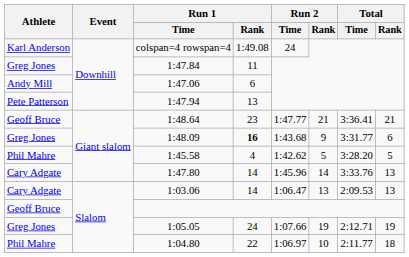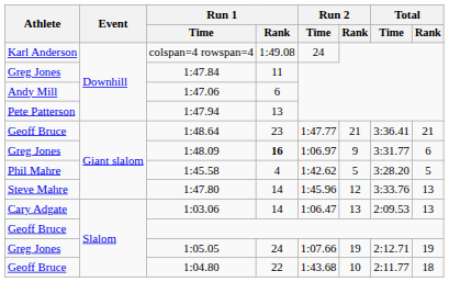 <table class=wikitable style=font-size:90%;text-align:center>
 <tr>
 <th rowspan=2>Athlete</th>
 <th rowspan=2>Event</th>
 <th colspan=2>Run 1</th>
 <th colspan=2>Run 2</th>
 <th colspan=2>Total</th>
 </tr>
 <tr style=font-size:95%>
 <th>Time</th>
 <th>Rank</th>
 <th>Time</th>
 <th>Rank</th>
 <th>Time</th>
 <th>Rank</th>
 </tr>
 <tr>
 <td align=left><a href='#'>Karl Anderson</a></td>
 <td align=left rowspan=4><a href='#'>Downhill</a></td>
 <td>colspan=4 rowspan=4 </td>
 <td>1:49.08</td>
 <td>24</td>
 </tr>
 <tr>
 <td align=left><a href='#'>Greg Jones</a></td>
 <td>1:47.84</td>
 <td>11</td>
 </tr>
 <tr>
 <td align=left><a href='#'>Andy Mill</a></td>
 <td>1:47.06</td>
 <td>6</td>
 </tr>
 <tr>
 <td align=left><a href='#'>Pete Patterson</a></td>
 <td>1:47.94</td>
 <td>13</td>
 </tr>
 <tr>
 <td align=left><a href='#'>Geoff Bruce</a></td>
 <td align=left rowspan=4><a href='#'>Giant slalom</a></td>
 <td>1:48.64</td>
 <td>23</td>
 <td>1:47.77</td>
 <td>21</td>
 <td>3:36.41</td>
 <td>21</td>
 </tr>
 <tr>
 <td align=left><a href='#'>Greg Jones</a></td>
 <td>1:48.09</td>
 <td><strong>16</strong></td>
-<td>1:43.68</td>
+<td>1:06.97</td>
 <td>9</td>
 <td>3:31.77</td>
 <td>6</td>
 </tr>
 <tr>
 <td align=left><a href='#'>Phil Mahre</a></td>
 <td>1:45.58</td>
 <td>4</td>
 <td>1:42.62</td>
 <td>5</td>
 <td>3:28.20</td>
 <td>5</td>
 </tr>
 <tr>
-<td align=left><a href='#'>Cary Adgate</a></td>
+<td align=left><a href='#'>Steve Mahre</a></td>
 <td>1:47.80</td>
 <td>14</td>
 <td>1:45.96</td>
-<td>14</td>
+<td>12</td>
 <td>3:33.76</td>
 <td>13</td>
 </tr>
 <tr>
 <td align=left><a href='#'>Cary Adgate</a></td>
 <td align=left rowspan=4><a href='#'>Slalom</a></td>
 <td>1:03.06</td>
 <td>14</td>
 <td>1:06.47</td>
 <td>13</td>
 <td>2:09.53</td>
 <td>13</td>
 </tr>
 <tr>
 <td align=left><a href='#'>Geoff Bruce</a></td>
 <td colspan=6></td>
 </tr>
 <tr>
 <td align=left><a href='#'>Greg Jones</a></td>
 <td>1:05.05</td>
 <td>24</td>
 <td>1:07.66</td>
 <td>19</td>
 <td>2:12.71</td>
 <td>19</td>
 </tr>
 <tr>
-<td align=left><a href='#'>Phil Mahre</a></td>
+<td align=left><a href='#'>Geoff Bruce</a></td>
 <td>1:04.80</td>
 <td>22</td>
-<td>1:06.97</td>
+<td>1:43.68</td>
 <td>10</td>
 <td>2:11.77</td>
 <td>18</td>
 </tr>
 </table>
